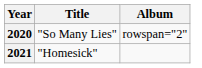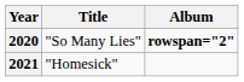 <table class="wikitable sortable">
 <tr>
 <th>Year</th>
 <th>Title</th>
 <th>Album</th>
 </tr>
 <tr>
 <th scope="row">2020</th>
 <td>"So Many Lies"</td>
-<td>rowspan="2"  </td>
+<td><strong>rowspan="2"  </strong></td>
 </tr>
 <tr>
 <th scope="row">2021</th>
 <td>"Homesick"</td>
 </tr>
 </table>
